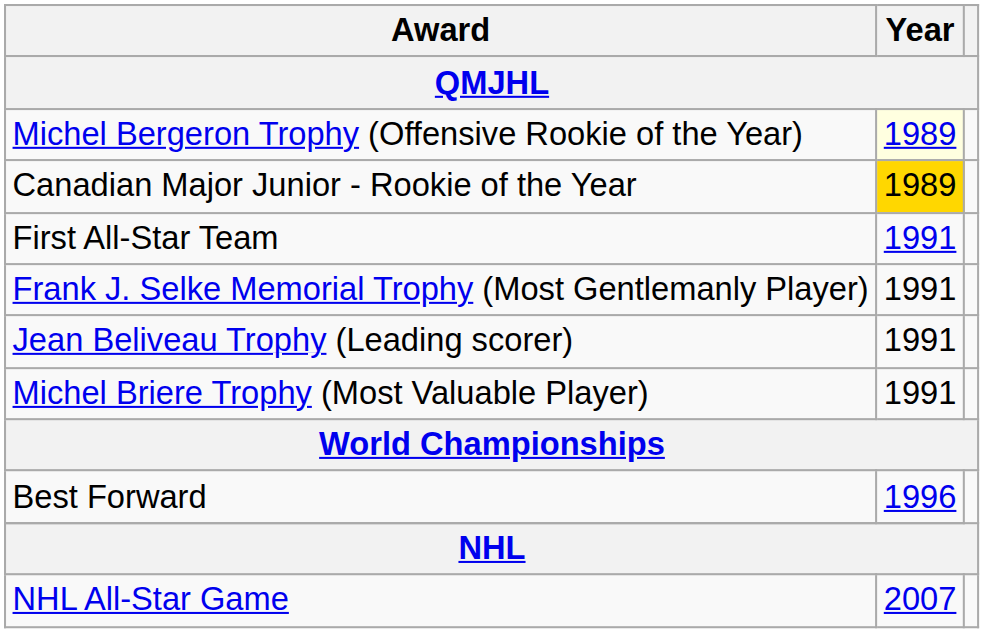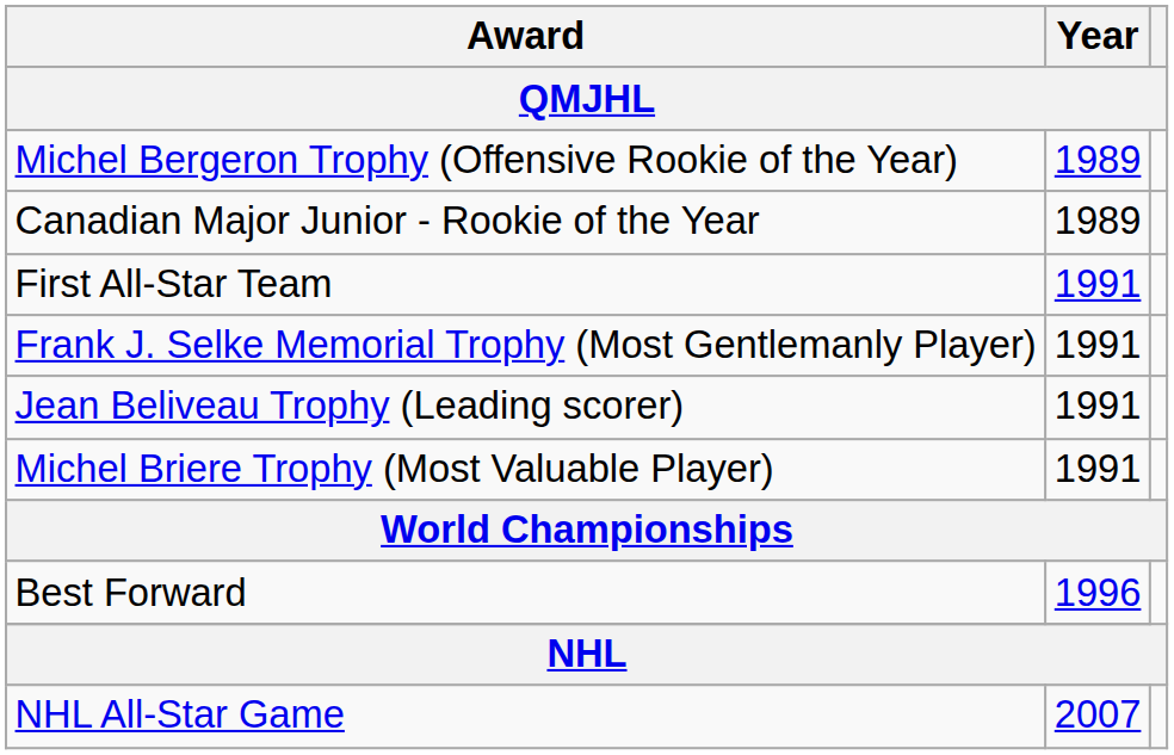 <table class="wikitable">
 <tr>
 <th>Award</th>
 <th>Year</th>
 <th></th>
 </tr>
 <tr ALIGN="center" bgcolor="#e0e0e0">
 <th colspan="3"><a href='#'>QMJHL</a></th>
 </tr>
 <tr>
 <td><a href='#'>Michel Bergeron Trophy</a> (Offensive Rookie of the Year)</td>
-<td style="background: lightyellow;"><a href='#'>1989</a></td>
+<td><a href='#'>1989</a></td>
 <td></td>
 </tr>
 <tr>
 <td>Canadian Major Junior - Rookie of the Year</td>
-<td style="background: gold;">1989</td>
+<td>1989</td>
 <td></td>
 </tr>
 <tr>
 <td>First All-Star Team</td>
 <td><a href='#'>1991</a></td>
 <td></td>
 </tr>
 <tr>
 <td><a href='#'>Frank J. Selke Memorial Trophy</a> (Most Gentlemanly Player)</td>
 <td>1991</td>
 <td></td>
 </tr>
 <tr>
 <td><a href='#'>Jean Beliveau Trophy</a> (Leading scorer)</td>
 <td>1991</td>
 <td></td>
 </tr>
 <tr>
 <td><a href='#'>Michel Briere Trophy</a> (Most Valuable Player)</td>
 <td>1991</td>
 <td></td>
 </tr>
 <tr ALIGN="center" bgcolor="#e0e0e0">
 <th colspan="3"><a href='#'>World Championships</a></th>
 </tr>
 <tr>
 <td>Best Forward</td>
 <td><a href='#'>1996</a></td>
 </tr>
 <tr>
 </tr>
 <tr ALIGN="center" bgcolor="#e0e0e0">
 <th colspan="3"><a href='#'>NHL</a></th>
 </tr>
 <tr>
 <td><a href='#'>NHL All-Star Game</a></td>
 <td><a href='#'>2007</a></td>
 <td></td>
 </tr>
 </table>
